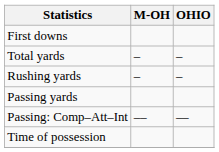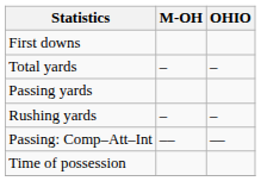 <table class="wikitable" style="float:left">
 <tr>
 <th>Statistics</th>
 <th>M-OH</th>
 <th>OHIO</th>
 </tr>
 <tr>
 <td>First downs</td>
 <td></td>
 <td></td>
 </tr>
 <tr>
 <td>Total yards</td>
 <td>–</td>
 <td>–</td>
 </tr>
 <tr>
+<td>Passing yards</td>
+<td></td>
+<td></td>
+</tr>
+<tr>
 <td>Rushing yards</td>
 <td>–</td>
 <td>–</td>
-</tr>
-<tr>
-<td>Passing yards</td>
-<td></td>
-<td></td>
 </tr>
 <tr>
 <td>Passing: Comp–Att–Int</td>
 <td>––</td>
 <td>––</td>
 </tr>
 <tr>
 <td>Time of possession</td>
 <td></td>
 <td></td>
 </tr>
 <tr>
 </tr>
 </table>
